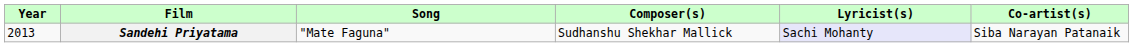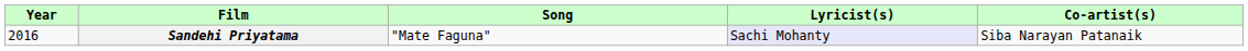 <table class="wikitable plainrowheaders" style="width:100%; textcolor:#000">
 <tr style="background:#cfc; text-align:center;">
 <td scope="col" style="width:5%;"><strong>Year</strong></td>
 <td scope="col" style="width:21%;"><strong>Film</strong></td>
 <td scope="col" style="width:23%;"><strong>Song</strong></td>
-<td scope="col" style="width:20%;"><strong>Composer(s)</strong></td>
 <td scope="col" style="width:17%;"><strong>Lyricist(s)</strong></td>
 <td scope="col" style="width:18%;"><strong>Co-artist(s)</strong></td>
 </tr>
 <tr>
-<td>2013</td>
+<td>2016</td>
 <th scope="row"><em>Sandehi Priyatama</em></th>
 <td>"Mate Faguna"</td>
-<td>Sudhanshu Shekhar Mallick</td>
 <td style="background: lavender;">Sachi Mohanty</td>
 <td>Siba Narayan Patanaik</td>
 </tr>
 </table>
